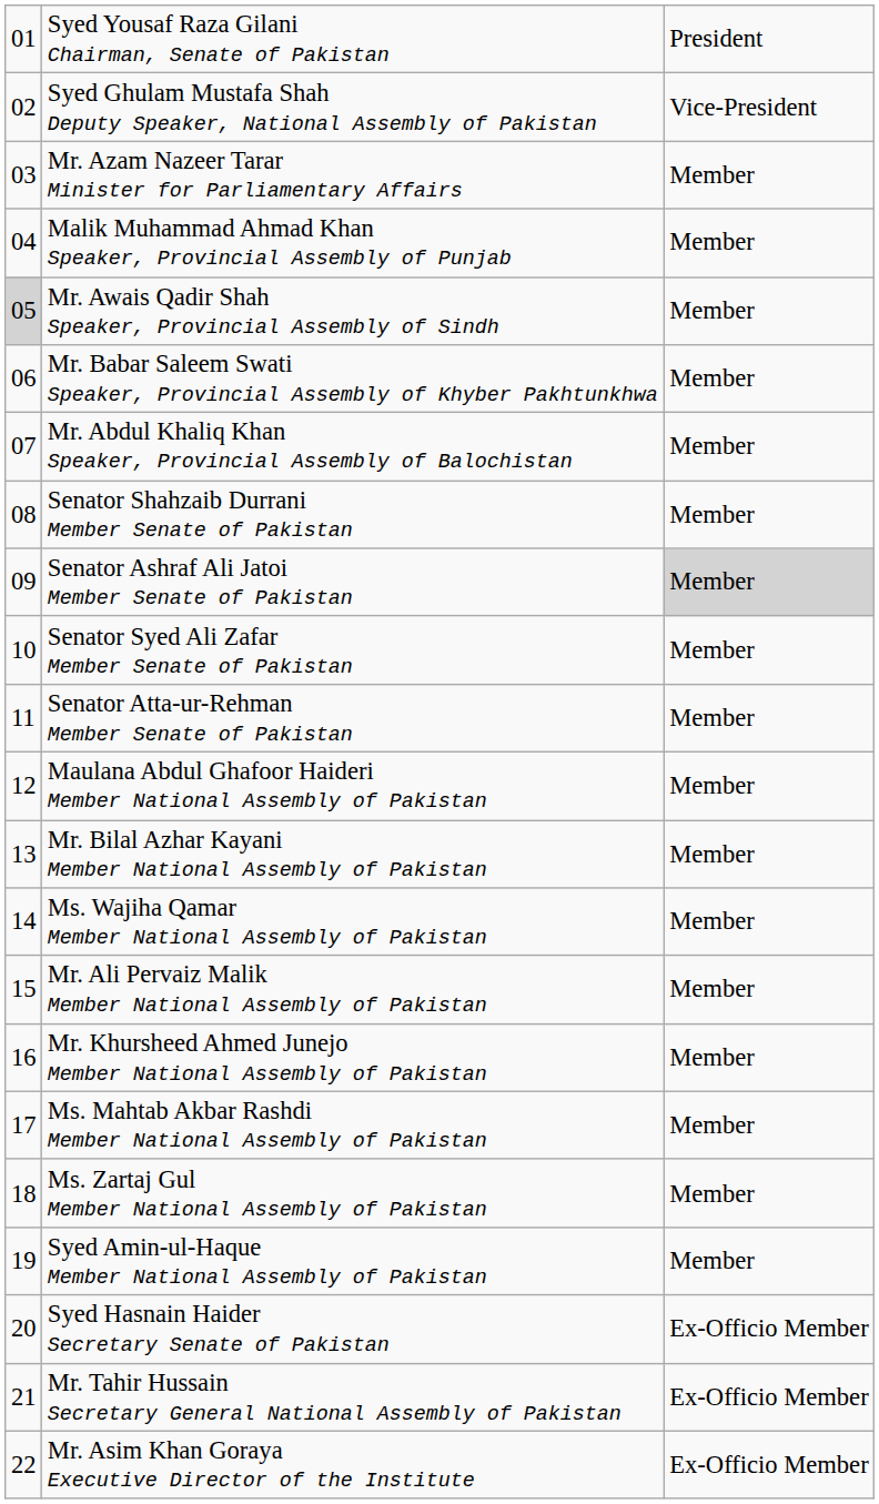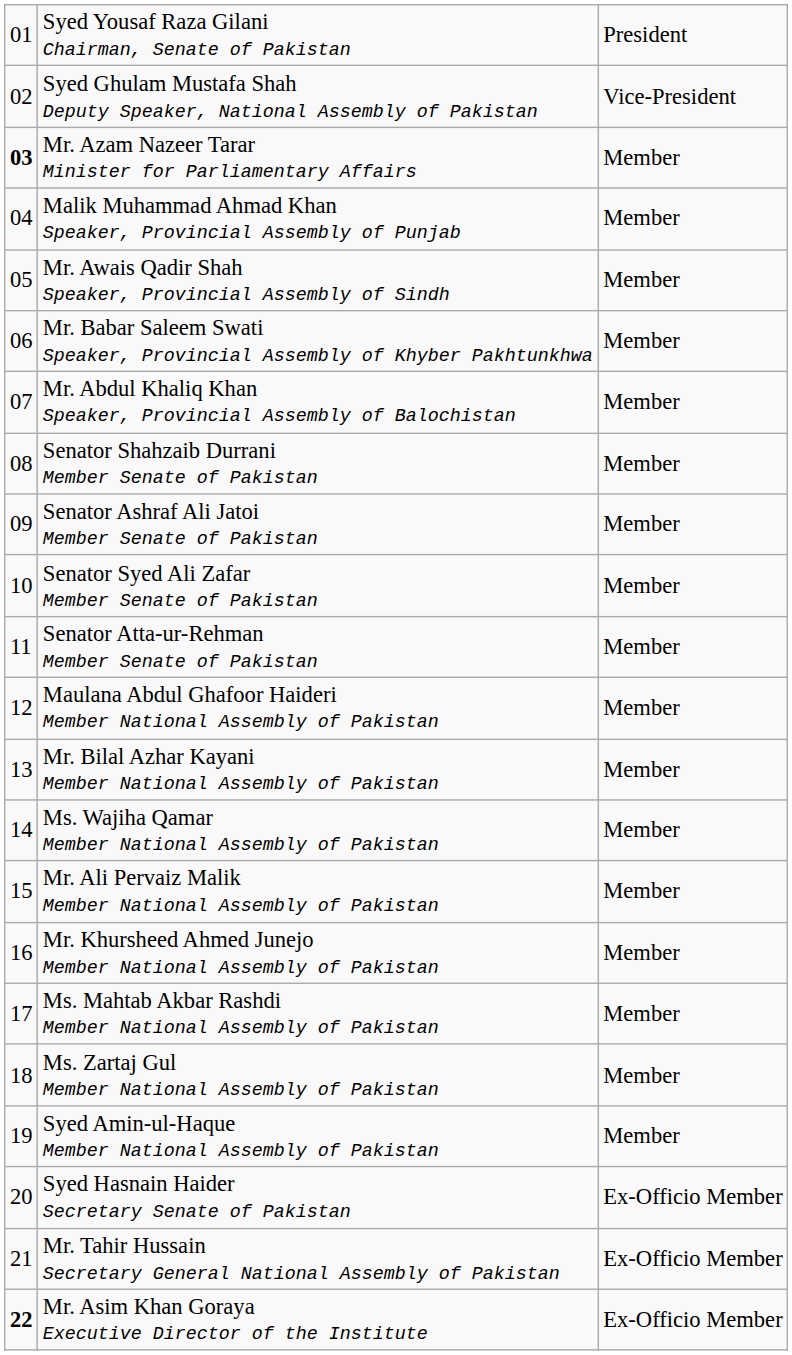 <table class="wikitable">
 <tr>
 <td>01</td>
 <td>Syed Yousaf Raza Gilani<br><code><em>Chairman, Senate of Pakistan</em></code></td>
 <td>President</td>
 </tr>
 <tr>
 <td>02</td>
 <td>Syed Ghulam Mustafa Shah<br><code><em>Deputy Speaker, National Assembly of Pakistan</em></code></td>
 <td>Vice-President</td>
 </tr>
 <tr>
-<td>03</td>
+<td><strong>03</strong></td>
 <td>Mr. Azam Nazeer Tarar<br><code><em>Minister for Parliamentary Affairs</em></code></td>
 <td>Member</td>
 </tr>
 <tr>
 <td>04</td>
 <td>Malik Muhammad Ahmad Khan<br><code><em>Speaker, Provincial Assembly of Punjab</em></code></td>
 <td>Member</td>
 </tr>
 <tr>
-<td style="background: lightgrey;">05</td>
+<td>05</td>
 <td>Mr. Awais Qadir Shah<br><code><em>Speaker, Provincial Assembly of Sindh</em></code></td>
 <td>Member</td>
 </tr>
 <tr>
 <td>06</td>
 <td>Mr. Babar Saleem Swati<br><code><em>Speaker, Provincial Assembly of Khyber Pakhtunkhwa</em></code></td>
 <td>Member</td>
 </tr>
 <tr>
 <td>07</td>
 <td>Mr. Abdul Khaliq Khan<br><code><em>Speaker, Provincial Assembly of Balochistan</em></code></td>
 <td>Member</td>
 </tr>
 <tr>
 <td>08</td>
 <td>Senator Shahzaib Durrani<br><em><code>Member Senate of Pakistan</code></em></td>
 <td>Member</td>
 </tr>
 <tr>
 <td>09</td>
 <td>Senator Ashraf Ali Jatoi<br><em><code>Member Senate of Pakistan</code></em></td>
-<td style="background: lightgrey;">Member</td>
+<td>Member</td>
 </tr>
 <tr>
 <td>10</td>
 <td>Senator Syed Ali Zafar<br><em><code>Member Senate of Pakistan</code></em></td>
 <td>Member</td>
 </tr>
 <tr>
 <td>11</td>
 <td>Senator Atta-ur-Rehman<br><em><code>Member Senate of Pakistan</code></em></td>
 <td>Member</td>
 </tr>
 <tr>
 <td>12</td>
 <td>Maulana Abdul Ghafoor Haideri<br><em><code>Member National Assembly of Pakistan</code></em></td>
 <td>Member</td>
 </tr>
 <tr>
 <td>13</td>
 <td>Mr. Bilal Azhar Kayani<br><em><code>Member National Assembly of Pakistan</code></em></td>
 <td>Member</td>
 </tr>
 <tr>
 <td>14</td>
 <td>Ms. Wajiha Qamar<br><em><code>Member National Assembly of Pakistan</code></em></td>
 <td>Member</td>
 </tr>
 <tr>
 <td>15</td>
 <td>Mr. Ali Pervaiz Malik<br><em><code>Member National Assembly of Pakistan</code></em></td>
 <td>Member</td>
 </tr>
 <tr>
 <td>16</td>
 <td>Mr. Khursheed Ahmed Junejo<br><em><code>Member National Assembly of Pakistan</code></em></td>
 <td>Member</td>
 </tr>
 <tr>
 <td>17</td>
 <td>Ms. Mahtab Akbar Rashdi<br><em><code>Member National Assembly of Pakistan</code></em></td>
 <td>Member</td>
 </tr>
 <tr>
 <td>18</td>
 <td>Ms. Zartaj Gul<br><em><code>Member National Assembly of Pakistan</code></em></td>
 <td>Member</td>
 </tr>
 <tr>
 <td>19</td>
 <td>Syed Amin-ul-Haque<br><em><code>Member National Assembly of Pakistan</code></em></td>
 <td>Member</td>
 </tr>
 <tr>
 <td>20</td>
 <td>Syed Hasnain Haider<br><code><em>Secretary Senate of Pakistan</em></code></td>
 <td>Ex-Officio Member</td>
 </tr>
 <tr>
 <td>21</td>
 <td>Mr. Tahir Hussain<br><code><em>Secretary General National Assembly of Pakistan</em></code></td>
 <td>Ex-Officio Member</td>
 </tr>
 <tr>
-<td>22</td>
+<td><strong>22</strong></td>
 <td>Mr. Asim Khan Goraya<br><code><em>Executive Director of the Institute</em></code></td>
 <td>Ex-Officio Member</td>
 </tr>
 </table>
